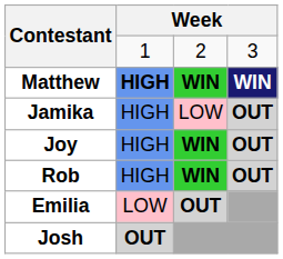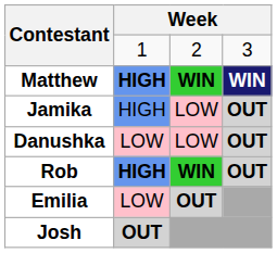 <table class="wikitable" align="" style="text-align:center">
 <tr>
 <th rowspan="2">Contestant</th>
 <th colspan="3">Week</th>
 </tr>
 <tr>
 <td>1</td>
 <td>2</td>
 <td>3</td>
 </tr>
 <tr>
 <td style="background:white"><strong>Matthew</strong></td>
 <td style="background:cornflowerblue;"><strong>HIGH</strong></td>
 <td style="background:limegreen;"><strong>WIN</strong></td>
 <td style="background:midnightblue; color:#fff;"><strong>WIN</strong></td>
 </tr>
 <tr low>
 <td style="background:white"><strong>Jamika</strong></td>
 <td style="background:cornflowerblue;">HIGH</td>
 <td style="background:pink;">LOW</td>
 <td style="background:lightgrey;"><strong>OUT</strong></td>
 </tr>
 <tr>
-<td style="background:white"><strong>Joy</strong></td>
-<td style="background:cornflowerblue;">HIGH</td>
-<td style="background:limegreen;"><strong>WIN</strong></td>
+<td style="background:white"><strong>Danushka</strong></td>
+<td style="background:pink;">LOW</td>
+<td style="background:pink;">LOW</td>
 <td style="background:lightgrey;"><strong>OUT</strong></td>
 </tr>
 <tr>
 <td style="background:white"><strong>Rob</strong></td>
-<td style="background:cornflowerblue;">HIGH</td>
+<td style="background:cornflowerblue;"><strong>HIGH</strong></td>
 <td style="background:limegreen;"><strong>WIN</strong></td>
 <td style="background:lightgrey;"><strong>OUT</strong></td>
 </tr>
 <tr>
 <td style="background:white"><strong>Emilia</strong></td>
 <td style="background:pink;">LOW</td>
 <td style="background:lightgrey;"><strong>OUT</strong></td>
 <td style="background:darkgrey;"></td>
 </tr>
 <tr>
 <td style="background:white"><strong>Josh</strong></td>
 <td style="background:lightgrey;"><strong>OUT</strong></td>
 <td colspan="2" style="background:darkgrey;"></td>
 </tr>
 </table>
